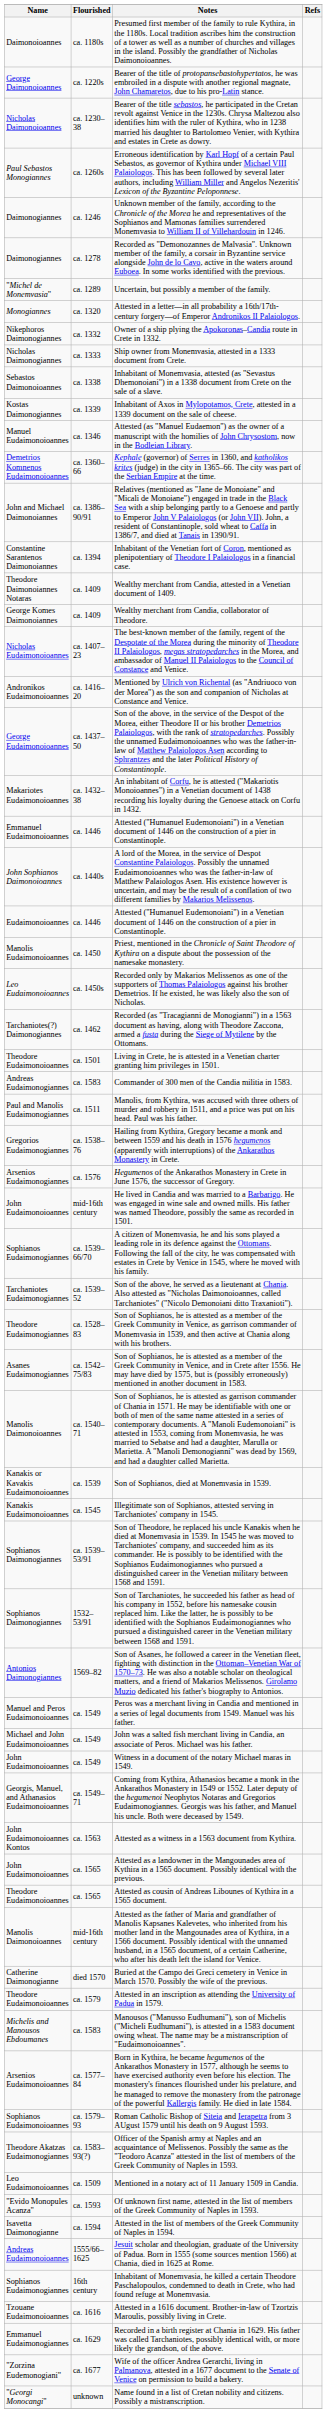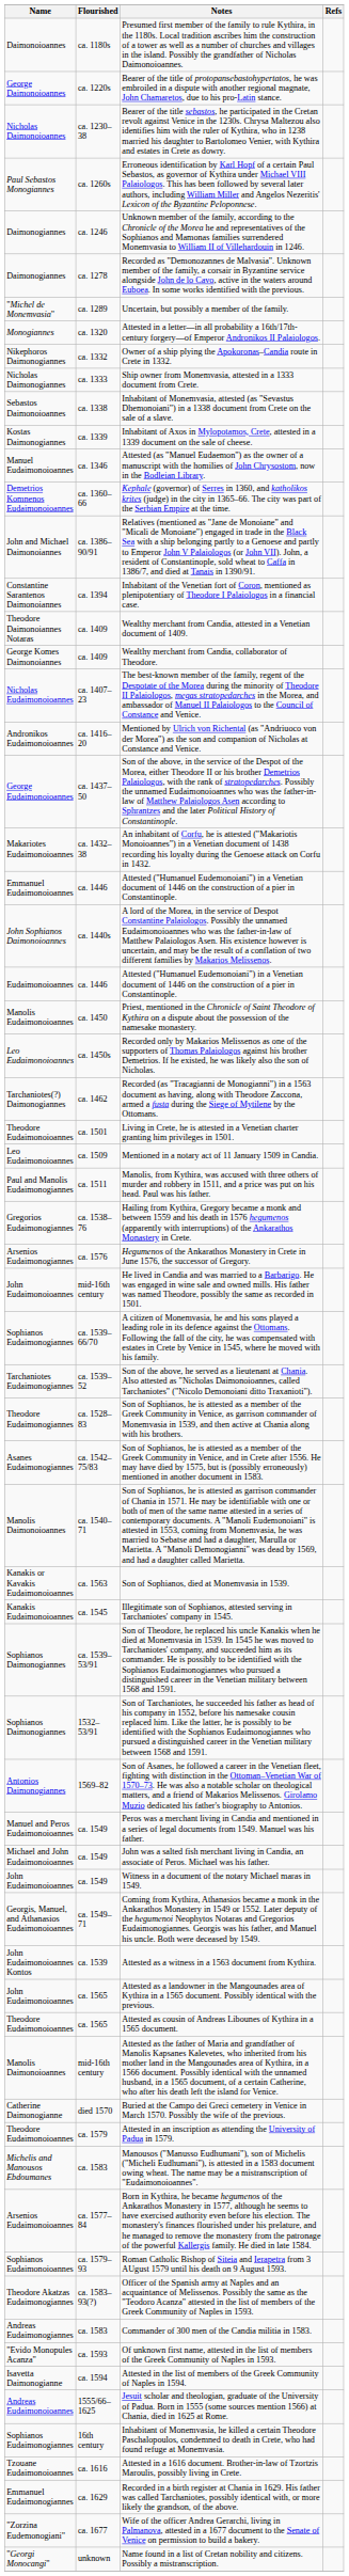 <table class="wikitable"  width="100%">
 <tr bgcolor="#FFDEAD">
 </tr>
 <tr>
 <th width="20%">Name</th>
 <th width="10%">Flourished</th>
 <th width="65%">Notes</th>
 <th width="5%">Refs</th>
 </tr>
 <tr>
 <td>Daimonoioannes</td>
 <td>ca. 1180s</td>
 <td>Presumed first member of the family to rule Kythira, in the 1180s. Local tradition ascribes him the construction of a tower as well as a number of churches and villages in the island. Possibly the grandfather of Nicholas Daimonoioannes.</td>
 <td></td>
 </tr>
 <tr>
 <td><a href='#'>George Daimonoioannes</a></td>
 <td>ca. 1220s</td>
 <td>Bearer of the title of <em>protopansebastohypertatos</em>, he was embroiled in a dispute with another regional magnate, <a href='#'>John Chamaretos</a>, due to his pro-<a href='#'>Latin</a> stance.</td>
 <td></td>
 </tr>
 <tr>
 <td><a href='#'>Nicholas Daimonoioannes</a></td>
 <td>ca. 1230–38</td>
 <td>Bearer of the title <em><a href='#'>sebastos</a></em>, he participated in the Cretan revolt against Venice in the 1230s. Chrysa Maltezou also identifies him with the ruler of Kythira, who in 1238 married his daughter to Bartolomeo Venier, with Kythira and estates in Crete as dowry.</td>
 <td></td>
 </tr>
 <tr>
 <td><em>Paul Sebastos Monogiannes</em></td>
 <td>ca. 1260s</td>
 <td>Erroneous identification by <a href='#'>Karl Hopf</a> of a certain Paul Sebastos, as governor of Kythira under <a href='#'>Michael VIII Palaiologos</a>. This has been followed by several later authors, including <a href='#'>William Miller</a> and Angelos Nezeritis' <em>Lexicon of the Byzantine Peloponnese</em>.</td>
 <td></td>
 </tr>
 <tr>
 <td>Daimonogiannes</td>
 <td>ca. 1246</td>
 <td>Unknown member of the family, according to the <em>Chronicle of the Morea</em> he and representatives of the Sophianos and Mamonas families surrendered Monemvasia to <a href='#'>William II of Villehardouin</a> in 1246.</td>
 <td></td>
 </tr>
 <tr>
 <td>Daimonogiannes</td>
 <td>ca. 1278</td>
 <td>Recorded as "Demonozannes de Malvasia". Unknown member of the family, a corsair in Byzantine service alongside <a href='#'>John de lo Cavo</a>, active in the waters around <a href='#'>Euboea</a>. In some works identified with the previous.</td>
 <td></td>
 </tr>
 <tr>
 <td>"<em>Michel de Monemvasia</em>"</td>
 <td>ca. 1289</td>
 <td>Uncertain, but possibly a member of the family.</td>
 <td></td>
 </tr>
 <tr>
 <td><em>Monogiannes</em></td>
 <td>ca. 1320</td>
 <td>Attested in a letter—in all probability a 16th/17th-century forgery—of Emperor <a href='#'>Andronikos II Palaiologos</a>.</td>
 <td></td>
 </tr>
 <tr>
 <td>Nikephoros Daimonogiannes</td>
 <td>ca. 1332</td>
 <td>Owner of a ship plying the <a href='#'>Apokoronas</a>–<a href='#'>Candia</a> route in Crete in 1332.</td>
 <td></td>
 </tr>
 <tr>
 <td>Nicholas Daimonogiannes</td>
 <td>ca. 1333</td>
 <td>Ship owner from Monemvasia, attested in a 1333 document from Crete.</td>
 <td></td>
 </tr>
 <tr>
 <td>Sebastos Daimonoioannes</td>
 <td>ca. 1338</td>
 <td>Inhabitant of Monemvasia, attested (as "Sevastus Dhemonoiani") in a 1338 document from Crete on the sale of a slave.</td>
 <td></td>
 </tr>
 <tr>
 <td>Kostas Daimonogiannes</td>
 <td>ca. 1339</td>
 <td>Inhabitant of Axos in <a href='#'>Mylopotamos, Crete</a>, attested in a 1339 document on the sale of cheese.</td>
 <td></td>
 </tr>
 <tr>
 <td>Manuel Eudaimonoioannes</td>
 <td>ca. 1346</td>
 <td>Attested (as "Manuel Eudaemon") as the owner of a manuscript with the homilies of <a href='#'>John Chrysostom</a>, now in the <a href='#'>Bodleian Library</a>.</td>
 <td></td>
 </tr>
 <tr>
 <td><a href='#'>Demetrios Komnenos Eudaimonoioannes</a></td>
 <td>ca. 1360–66</td>
 <td><em><a href='#'>Kephale</a></em> (governor) of <a href='#'>Serres</a> in 1360, and <em><a href='#'>katholikos krites</a></em> (judge) in the city in 1365–66. The city was part of the <a href='#'>Serbian Empire</a> at the time.</td>
 <td></td>
 </tr>
 <tr>
 <td>John and Michael Daimonoiannes</td>
 <td>ca. 1386–90/91</td>
 <td>Relatives (mentioned as "Jane de Monoiane" and "Micali de Monoiane") engaged in trade in the <a href='#'>Black Sea</a> with a ship belonging partly to a Genoese and partly to Emperor <a href='#'>John V Palaiologos</a> (or <a href='#'>John VII</a>). John, a resident of Constantinople, sold wheat to <a href='#'>Caffa</a> in 1386/7, and died at <a href='#'>Tanais</a> in 1390/91.</td>
 <td></td>
 </tr>
 <tr>
 <td>Constantine Sarantenos Daimonoiannes</td>
 <td>ca. 1394</td>
 <td>Inhabitant of the Venetian fort of <a href='#'>Coron</a>, mentioned as plenipotentiary of <a href='#'>Theodore I Palaiologos</a> in a financial case.</td>
 <td></td>
 </tr>
 <tr>
 <td>Theodore Daimonoiannes Notaras</td>
 <td>ca. 1409</td>
 <td>Wealthy merchant from Candia, attested in a Venetian document of 1409.</td>
 <td></td>
 </tr>
 <tr>
 <td>George Komes Daimonoiannes</td>
 <td>ca. 1409</td>
 <td>Wealthy merchant from Candia, collaborator of Theodore.</td>
 <td></td>
 </tr>
 <tr>
 <td><a href='#'>Nicholas Eudaimonoioannes</a></td>
 <td>ca. 1407–23</td>
 <td>The best-known member of the family, regent of the <a href='#'>Despotate of the Morea</a> during the minority of <a href='#'>Theodore II Palaiologos</a>, <em><a href='#'>megas stratopedarches</a></em> in the Morea, and ambassador of <a href='#'>Manuel II Palaiologos</a> to the <a href='#'>Council of Constance</a> and Venice.</td>
 <td></td>
 </tr>
 <tr>
 <td>Andronikos Eudaimonoioannes</td>
 <td>ca. 1416–20</td>
 <td>Mentioned by <a href='#'>Ulrich von Richental</a> (as "Andriuoco von der Morea") as the son and companion of Nicholas at Constance and Venice.</td>
 <td></td>
 </tr>
 <tr>
 <td><a href='#'>George Eudaimonoioannes</a></td>
 <td>ca. 1437–50</td>
 <td>Son of the above, in the service of the Despot of the Morea, either Theodore II or his brother <a href='#'>Demetrios Palaiologos</a>, with the rank of <em><a href='#'>stratopedarches</a></em>. Possibly the unnamed Eudaimonoioannes who was the father-in-law of <a href='#'>Matthew Palaiologos Asen</a> according to <a href='#'>Sphrantzes</a> and the later <em>Political History of Constantinople</em>.</td>
 <td></td>
 </tr>
 <tr>
 <td>Makariotes Eudaimonoioannes</td>
 <td>ca. 1432–38</td>
 <td>An inhabitant of <a href='#'>Corfu</a>, he is attested ("Makariotis Monoioannes") in a Venetian document of 1438 recording his loyalty during the Genoese attack on Corfu in 1432.</td>
 <td></td>
 </tr>
 <tr>
 <td>Emmanuel Eudaimonoioannes</td>
 <td>ca. 1446</td>
 <td>Attested ("Humanuel Eudemonoiani") in a Venetian document of 1446 on the construction of a pier in Constantinople.</td>
 <td></td>
 </tr>
 <tr>
 <td><em>John Sophianos Daimonoioannes</em></td>
 <td>ca. 1440s</td>
 <td>A lord of the Morea, in the service of Despot <a href='#'>Constantine Palaiologos</a>. Possibly the unnamed Eudaimonoioannes who was the father-in-law of Matthew Palaiologos Asen. His existence however is uncertain, and may be the result of a conflation of two different families by <a href='#'>Makarios Melissenos</a>.</td>
 <td></td>
 </tr>
 <tr>
 <td>Eudaimonoioannes</td>
 <td>ca. 1446</td>
 <td>Attested ("Humanuel Eudemonoiani") in a Venetian document of 1446 on the construction of a pier in Constantinople.</td>
 <td></td>
 </tr>
 <tr>
 <td>Manolis Eudaimonoioannes</td>
 <td>ca. 1450</td>
 <td>Priest, mentioned in the <em>Chronicle of Saint Theodore of Kythira</em> on a dispute about the possession of the namesake monastery.</td>
 <td></td>
 </tr>
 <tr>
 <td><em>Leo Eudaimonoioannes</em></td>
 <td>ca. 1450s</td>
 <td>Recorded only by Makarios Melissenos as one of the supporters of <a href='#'>Thomas Palaiologos</a> against his brother Demetrios. If he existed, he was likely also the son of Nicholas.</td>
 <td></td>
 </tr>
 <tr>
 <td>Tarchaniotes(?) Daimonogiannes</td>
 <td>ca. 1462</td>
 <td>Recorded (as "Tracagianni de Monogianni") in a 1563 document as having, along with Theodore Zaccona, armed a <em><a href='#'>fusta</a></em> during the <a href='#'>Siege of Mytilene</a> by the Ottomans.</td>
 <td></td>
 </tr>
 <tr>
 <td>Theodore Eudaimonoioannes</td>
 <td>ca. 1501</td>
 <td>Living in Crete, he is attested in a Venetian charter granting him privileges in 1501.</td>
 <td></td>
 </tr>
 <tr>
-<td>Andreas Eudaimonogiannes</td>
-<td>ca. 1583</td>
-<td>Commander of 300 men of the Candia militia in 1583.</td>
+<td>Leo Eudaimonoioannes</td>
+<td>ca. 1509</td>
+<td>Mentioned in a notary act of 11 January 1509 in Candia.</td>
 <td></td>
 </tr>
 <tr>
 <td>Paul and Manolis Eudaimonogiannes</td>
 <td>ca. 1511</td>
 <td>Manolis, from Kythira, was accused with three others of murder and robbery in 1511, and a price was put on his head. Paul was his father.</td>
 <td></td>
 </tr>
 <tr>
 <td>Gregorios Eudaimonogiannes</td>
 <td>ca. 1538–76</td>
 <td>Hailing from Kythira, Gregory became a monk and between 1559 and his death in 1576 <em><a href='#'>hegumenos</a></em> (apparently with interruptions) of the <a href='#'>Ankarathos Monastery</a> in Crete.</td>
 <td></td>
 </tr>
 <tr>
 <td>Arsenios Eudaimonogiannes</td>
 <td>ca. 1576</td>
 <td><em>Hegumenos</em> of the Ankarathos Monastery in Crete in June 1576, the successor of Gregory.</td>
 <td></td>
 </tr>
 <tr>
 <td>John Eudaimonoioannes</td>
 <td>mid-16th century</td>
 <td>He lived in Candia and was married to a <a href='#'>Barbarigo</a>. He was engaged in wine sale and owned mills. His father was named Theodore, possibly the same as recorded in 1501.</td>
 <td></td>
 </tr>
 <tr>
 <td>Sophianos Eudaimonogiannes</td>
 <td>ca. 1539–66/70</td>
 <td>A citizen of Monemvasia, he and his sons played a leading role in its defence against the <a href='#'>Ottomans</a>. Following the fall of the city, he was compensated with estates in Crete by Venice in 1545, where he moved with his family.</td>
 <td></td>
 </tr>
 <tr>
 <td>Tarchaniotes Eudaimonogiannes</td>
 <td>ca. 1539–52</td>
 <td>Son of the above, he served as a lieutenant at <a href='#'>Chania</a>. Also attested as "Nicholas Daimonoioannes, called Tarchaniotes" ("Nicolo Demonoiani ditto Traxanioti").</td>
 <td></td>
 </tr>
 <tr>
 <td>Theodore Eudaimonogiannes</td>
 <td>ca. 1528–83</td>
 <td>Son of Sophianos, he is attested as a member of the Greek Community in Venice, as garrison commander of Monemvasia in 1539, and then active at Chania along with his brothers.</td>
 <td></td>
 </tr>
 <tr>
 <td>Asanes Eudaimonogiannes</td>
 <td>ca. 1542–75/83</td>
 <td>Son of Sophianos, he is attested as a member of the Greek Community in Venice, and in Crete after 1556. He may have died by 1575, but is (possibly erroneously) mentioned in another document in 1583.</td>
 <td></td>
 </tr>
 <tr>
 <td>Manolis Daimonoioannes</td>
 <td>ca. 1540–71</td>
 <td>Son of Sophianos, he is attested as garrison commander of Chania in 1571. He may be identifiable with one or both of men of the same name attested in a series of contemporary documents. A "Manoli Eudemonoiani" is attested in 1553, coming from Monemvasia, he was married to Sebatse and had a daughter, Marulla or Marietta. A "Manoli Demonogianni" was dead by 1569, and had a daughter called Marietta.</td>
 <td></td>
 </tr>
 <tr>
 <td>Kanakis or Kavakis Eudaimonoioannes</td>
-<td>ca. 1539</td>
+<td>ca. 1563</td>
 <td>Son of Sophianos, died at Monemvasia in 1539.</td>
 <td></td>
 </tr>
 <tr>
 <td>Kanakis Eudaimonoioannes</td>
 <td>ca. 1545</td>
 <td>Illegitimate son of Sophianos, attested serving in Tarchaniotes' company in 1545.</td>
 <td></td>
 </tr>
 <tr>
 <td>Sophianos Daimonogiannes</td>
 <td>ca. 1539–53/91</td>
 <td>Son of Theodore, he replaced his uncle Kanakis when he died at Monemvasia in 1539. In 1545 he was moved to Tarchaniotes' company, and succeeded him as its commander. He is possibly to be identified with the Sophianos Eudaimonogiannes who pursued a distinguished career in the Venetian military between 1568 and 1591.</td>
 <td></td>
 </tr>
 <tr>
 <td>Sophianos Daimonogiannes</td>
 <td>1532–53/91</td>
 <td>Son of Tarchaniotes, he succeeded his father as head of his company in 1552, before his namesake cousin replaced him. Like the latter, he is possibly to be identified with the Sophianos Eudaimonogiannes who pursued a distinguished career in the Venetian military between 1568 and 1591.</td>
 <td></td>
 </tr>
 <tr>
 <td><a href='#'>Antonios Daimonogiannes</a></td>
 <td>1569–82</td>
 <td>Son of Asanes, he followed a career in the Venetian fleet, fighting with distinction in the <a href='#'>Ottoman–Venetian War of 1570–73</a>. He was also a notable scholar on theological matters, and a friend of Makarios Melissenos. <a href='#'>Girolamo Muzio</a> dedicated his father's biography to Antonios.</td>
 <td></td>
 </tr>
 <tr>
 <td>Manuel and Peros Eudaimonoioannes</td>
 <td>ca. 1549</td>
 <td>Peros was a merchant living in Candia and mentioned in a series of legal documents from 1549. Manuel was his father.</td>
 <td></td>
 </tr>
 <tr>
 <td>Michael and John Eudaimonoioannes</td>
 <td>ca. 1549</td>
 <td>John was a salted fish merchant living in Candia, an associate of Peros. Michael was his father.</td>
 <td></td>
 </tr>
 <tr>
 <td>John Eudaimonoioannes</td>
 <td>ca. 1549</td>
 <td>Witness in a document of the notary Michael maras in 1549.</td>
 <td></td>
 </tr>
 <tr>
 <td>Georgis, Manuel, and Athanasios Eudaimonoioannes</td>
 <td>ca. 1549–71</td>
 <td>Coming from Kythira, Athanasios became a monk in the Ankarathos Monastery in 1549 or 1552. Later deputy of the <em>hegumenoi</em> Neophytos Notaras and Gregorios Eudaimonogiannes. Georgis was his father, and Manuel his uncle. Both were deceased by 1549.</td>
 <td></td>
 </tr>
 <tr>
 <td>John Eudaimonoioannes Kontos</td>
-<td>ca. 1563</td>
+<td>ca. 1539</td>
 <td>Attested as a witness in a 1563 document from Kythira.</td>
 <td></td>
 </tr>
 <tr>
 <td>John Eudaimonoioannes</td>
 <td>ca. 1565</td>
 <td>Attested as a landowner in the Mangounades area of Kythira in a 1565 document. Possibly identical with the previous.</td>
 <td></td>
 </tr>
 <tr>
 <td>Theodore Eudaimonoioannes</td>
 <td>ca. 1565</td>
 <td>Attested as cousin of Andreas Libounes of Kythira in a 1565 document.</td>
 <td></td>
 </tr>
 <tr>
 <td>Manolis Daimonoioannes</td>
 <td>mid-16th century</td>
 <td>Attested as the father of Maria and grandfather of Manolis Kapsanes Kalevetes, who inherited from his mother land in the Mangounades area of Kythira, in a 1566 document. Possibly identical with the unnamed husband, in a 1565 document, of a certain Catherine, who after his death left the island for Venice.</td>
 <td></td>
 </tr>
 <tr>
 <td>Catherine Daimonogianne</td>
 <td>died 1570</td>
 <td>Buried at the Campo dei Greci cemetery in Venice in March 1570. Possibly the wife of the previous.</td>
 <td></td>
 </tr>
 <tr>
 <td>Theodore Eudaimonoioannes</td>
 <td>ca. 1579</td>
 <td>Attested in an inscription as attending the <a href='#'>University of Padua</a> in 1579.</td>
 <td></td>
 </tr>
 <tr>
 <td><em>Michelis and Manousos Ebdoumanes</em></td>
 <td>ca. 1583</td>
 <td>Manousos ("Manusso Eudhumani"), son of Michelis ("Micheli Eudhumani"), is attested in a 1583 document owing wheat. The name may be a mistranscription of "Eudaimonoioannes".</td>
 <td></td>
 </tr>
 <tr>
 <td>Arsenios Eudaimonoioannes</td>
 <td>ca. 1577–84</td>
 <td>Born in Kythira, he became <em>hegumenos</em> of the Ankarathos Monastery in 1577, although he seems to have exercised authority even before his election. The monastery's finances flourished under his prelature, and he managed to remove the monastery from the patronage of the powerful <a href='#'>Kallergis</a> family. He died in late 1584.</td>
 <td></td>
 </tr>
 <tr>
 <td>Sophianos Eudaimonoioannes</td>
 <td>ca. 1579–93</td>
 <td>Roman Catholic Bishop of <a href='#'>Siteia</a> and <a href='#'>Ierapetra</a> from 3 AUgust 1579 until his death on 9 August 1593.</td>
 <td></td>
 </tr>
 <tr>
 <td>Theodore Akatzas Eudaimonogiannes</td>
 <td>ca. 1583–93(?)</td>
 <td>Officer of the Spanish army at Naples and an acquaintance of Melissenos. Possibly the same as the "Teodoro Acanza" attested in the list of members of the Greek Community of Naples in 1593.</td>
 <td></td>
 </tr>
 <tr>
-<td>Leo Eudaimonoioannes</td>
-<td>ca. 1509</td>
-<td>Mentioned in a notary act of 11 January 1509 in Candia.</td>
+<td>Andreas Eudaimonogiannes</td>
+<td>ca. 1583</td>
+<td>Commander of 300 men of the Candia militia in 1583.</td>
 <td></td>
 </tr>
 <tr>
 <td>"Evido Monopules Acanza"</td>
 <td>ca. 1593</td>
 <td>Of unknown first name, attested in the list of members of the Greek Community of Naples in 1593.</td>
 <td></td>
 </tr>
 <tr>
 <td>Isavetta Daimonogianne</td>
 <td>ca. 1594</td>
 <td>Attested in the list of members of the Greek Community of Naples in 1594.</td>
 <td></td>
 </tr>
 <tr>
 <td><a href='#'>Andreas Eudaimonoioannes</a></td>
 <td>1555/66–1625</td>
 <td><a href='#'>Jesuit</a> scholar and theologian, graduate of the University of Padua. Born in 1555 (some sources mention 1566) at Chania, died in 1625 at Rome.</td>
 <td></td>
 </tr>
 <tr>
 <td>Sophianos Eudaimonogiannes</td>
 <td>16th century</td>
 <td>Inhabitant of Monemvasia, he killed a certain Theodore Paschalopoulos, condemned to death in Crete, who had found refuge at Monemvasia.</td>
 <td></td>
 </tr>
 <tr>
 <td>Tzouane Eudaimonoioannes</td>
 <td>ca. 1616</td>
 <td>Attested in a 1616 document. Brother-in-law of Tzortzis Maroulis, possibly living in Crete.</td>
 <td></td>
 </tr>
 <tr>
 <td>Emmanuel Eudaimonogiannes</td>
 <td>ca. 1629</td>
 <td>Recorded in a birth register at Chania in 1629. His father was called Tarchaniotes, possibly identical with, or more likely the grandson, of the above.</td>
 <td></td>
 </tr>
 <tr>
 <td>"Zorzina Eudemonogiani"</td>
 <td>ca. 1677</td>
 <td>Wife of the officer Andrea Gerarchi, living in <a href='#'>Palmanova</a>, attested in a 1677 document to the <a href='#'>Senate of Venice</a> on permission to build a bakery.</td>
 <td></td>
 </tr>
 <tr>
 <td>"<em>Georgi Monocangi</em>"</td>
 <td>unknown</td>
 <td>Name found in a list of Cretan nobility and citizens. Possibly a mistranscription.</td>
 <td></td>
 </tr>
 <tr>
 </tr>
 </table>
